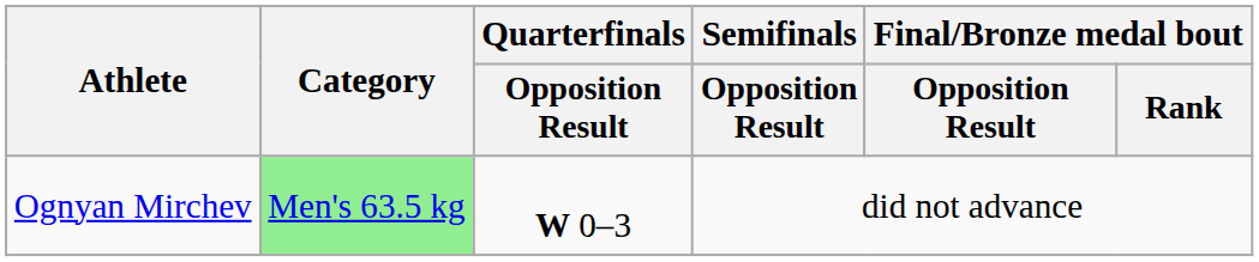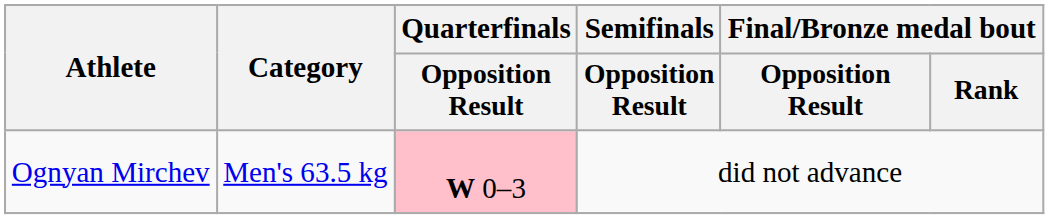 <table class="wikitable" style="text-align:center; font-size:90%">
 <tr>
 <th rowspan=2>Athlete</th>
 <th rowspan=2>Category</th>
 <th>Quarterfinals</th>
 <th>Semifinals</th>
 <th colspan=2>Final/Bronze medal bout</th>
 </tr>
 <tr style="font-size:95%">
 <th>Opposition<br>Result</th>
 <th>Opposition<br>Result</th>
 <th>Opposition<br>Result</th>
 <th>Rank</th>
 </tr>
 <tr>
 <td align=left><a href='#'>Ognyan Mirchev</a></td>
-<td align=left style="background: lightgreen;"><a href='#'>Men's 63.5 kg</a></td>
-<td><br> <strong>W</strong> 0–3</td>
+<td align=left><a href='#'>Men's 63.5 kg</a></td>
+<td style="background: pink;"><br> <strong>W</strong> 0–3</td>
 <td colspan=3>did not advance</td>
 </tr>
 </table>
